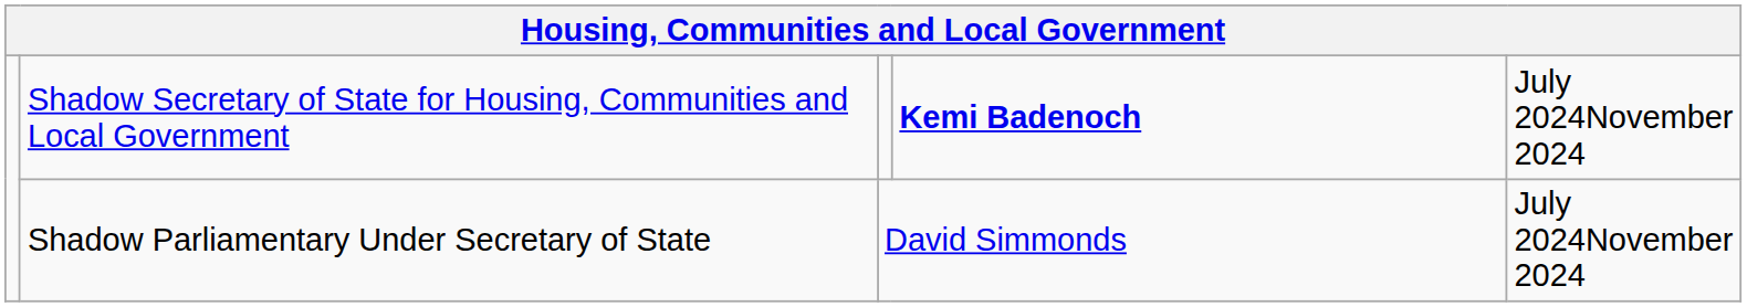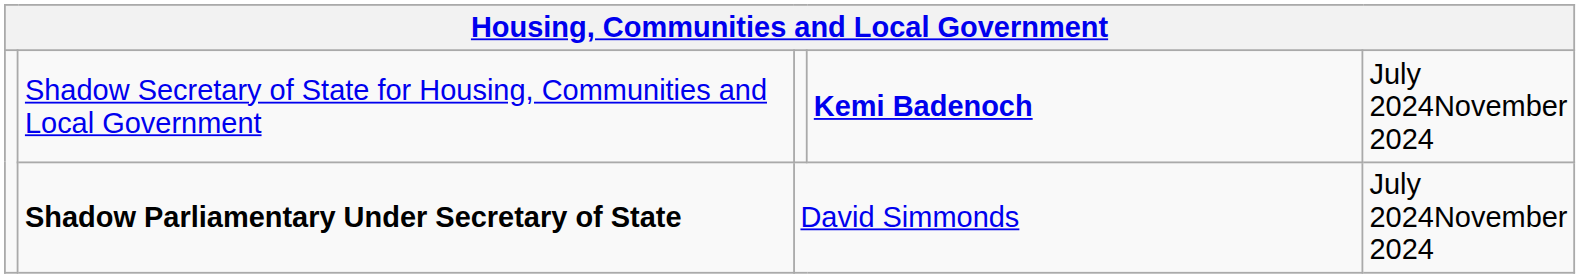 <table class="wikitable">
 <tr>
 <th colspan="5"><a href='#'>Housing, Communities and Local Government</a></th>
 </tr>
 <tr>
 <td rowspan="8" style="background: "></td>
 <td style="width: 450px;"><a href='#'>Shadow Secretary of State for Housing, Communities and Local Government</a></td>
 <td style="background: "></td>
 <td style="width: 320px;"><strong><a href='#'>Kemi Badenoch</a></strong></td>
 <td>July 2024November 2024</td>
 </tr>
 <tr>
-<td>Shadow Parliamentary Under Secretary of State</td>
+<td><strong>Shadow Parliamentary Under Secretary of State</strong></td>
 <td colspan="2"><a href='#'>David Simmonds</a><br></td>
 <td>July 2024November 2024</td>
 </tr>
 </table>
